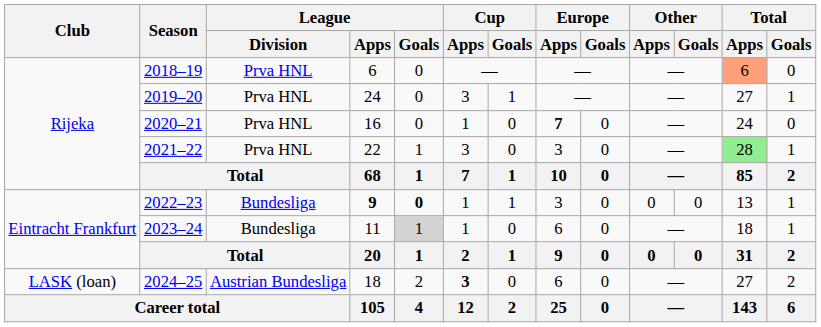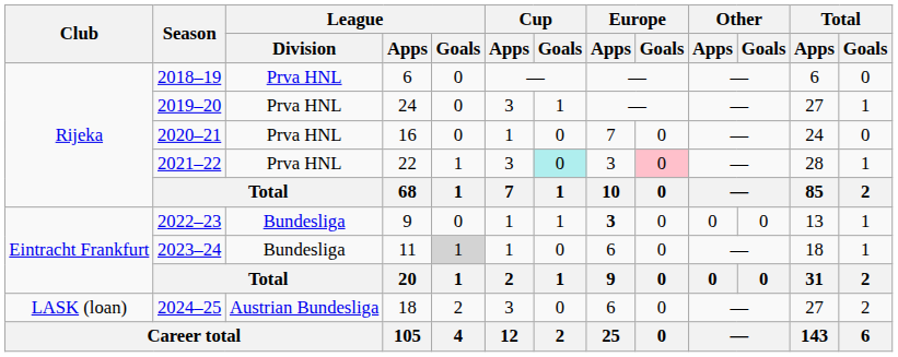 <table class="wikitable" style="text-align: center;">
 <tr>
 <th rowspan="2">Club</th>
 <th rowspan="2">Season</th>
 <th colspan="3">League</th>
 <th colspan="2">Cup</th>
 <th colspan="2">Europe</th>
 <th colspan="2">Other</th>
 <th colspan="2">Total</th>
 </tr>
 <tr>
 <th>Division</th>
 <th>Apps</th>
 <th>Goals</th>
 <th>Apps</th>
 <th>Goals</th>
 <th>Apps</th>
 <th>Goals</th>
 <th>Apps</th>
 <th>Goals</th>
 <th>Apps</th>
 <th>Goals</th>
 </tr>
 <tr>
 <td rowspan="5"><a href='#'>Rijeka</a></td>
 <td><a href='#'>2018–19</a></td>
 <td><a href='#'>Prva HNL</a></td>
 <td>6</td>
 <td>0</td>
 <td colspan="2">—</td>
 <td colspan="2">—</td>
 <td colspan="2">—</td>
-<td style="background: lightsalmon;">6</td>
+<td>6</td>
 <td>0</td>
 </tr>
 <tr>
 <td><a href='#'>2019–20</a></td>
 <td>Prva HNL</td>
 <td>24</td>
 <td>0</td>
 <td>3</td>
 <td>1</td>
 <td colspan="2">—</td>
 <td colspan="2">—</td>
 <td>27</td>
 <td>1</td>
 </tr>
 <tr>
 <td><a href='#'>2020–21</a></td>
 <td>Prva HNL</td>
 <td>16</td>
 <td>0</td>
 <td>1</td>
 <td>0</td>
-<td><strong>7</strong></td>
+<td>7</td>
 <td>0</td>
 <td colspan="2">—</td>
 <td>24</td>
 <td>0</td>
 </tr>
 <tr>
 <td><a href='#'>2021–22</a></td>
 <td>Prva HNL</td>
 <td>22</td>
 <td>1</td>
 <td>3</td>
-<td>0</td>
+<td style="background: paleturquoise;">0</td>
 <td>3</td>
-<td>0</td>
+<td style="background: pink;">0</td>
 <td colspan="2">—</td>
-<td style="background: lightgreen;">28</td>
+<td>28</td>
 <td>1</td>
 </tr>
 <tr>
 <th colspan="2">Total</th>
 <th>68</th>
 <th>1</th>
 <th>7</th>
 <th>1</th>
 <th>10</th>
 <th>0</th>
 <th colspan="2">—</th>
 <th>85</th>
 <th>2</th>
 </tr>
 <tr>
 <td rowspan="3"><a href='#'>Eintracht Frankfurt</a></td>
 <td><a href='#'>2022–23</a></td>
 <td><a href='#'>Bundesliga</a></td>
-<td><strong>9</strong></td>
-<td><strong>0</strong></td>
+<td>9</td>
+<td>0</td>
 <td>1</td>
 <td>1</td>
-<td>3</td>
+<td><strong>3</strong></td>
 <td>0</td>
 <td>0</td>
 <td>0</td>
 <td>13</td>
 <td>1</td>
 </tr>
 <tr>
 <td><a href='#'>2023–24</a></td>
 <td>Bundesliga</td>
 <td>11</td>
 <td style="background: lightgrey;">1</td>
 <td>1</td>
 <td>0</td>
 <td>6</td>
 <td>0</td>
 <td colspan="2">—</td>
 <td>18</td>
 <td>1</td>
 </tr>
 <tr>
 <th colspan="2">Total</th>
 <th>20</th>
 <th>1</th>
 <th>2</th>
 <th>1</th>
 <th>9</th>
 <th>0</th>
 <th>0</th>
 <th>0</th>
 <th>31</th>
 <th>2</th>
 </tr>
 <tr>
 <td><a href='#'>LASK</a> (loan)</td>
 <td><a href='#'>2024–25</a></td>
 <td><a href='#'>Austrian Bundesliga</a></td>
 <td>18</td>
 <td>2</td>
-<td><strong>3</strong></td>
+<td>3</td>
 <td>0</td>
 <td>6</td>
 <td>0</td>
 <td colspan="2">—</td>
 <td>27</td>
 <td>2</td>
 </tr>
 <tr>
 <th colspan="3">Career total</th>
 <th>105</th>
 <th>4</th>
 <th>12</th>
 <th>2</th>
 <th>25</th>
 <th>0</th>
 <th colspan="2">—</th>
 <th>143</th>
 <th>6</th>
 </tr>
 </table>
